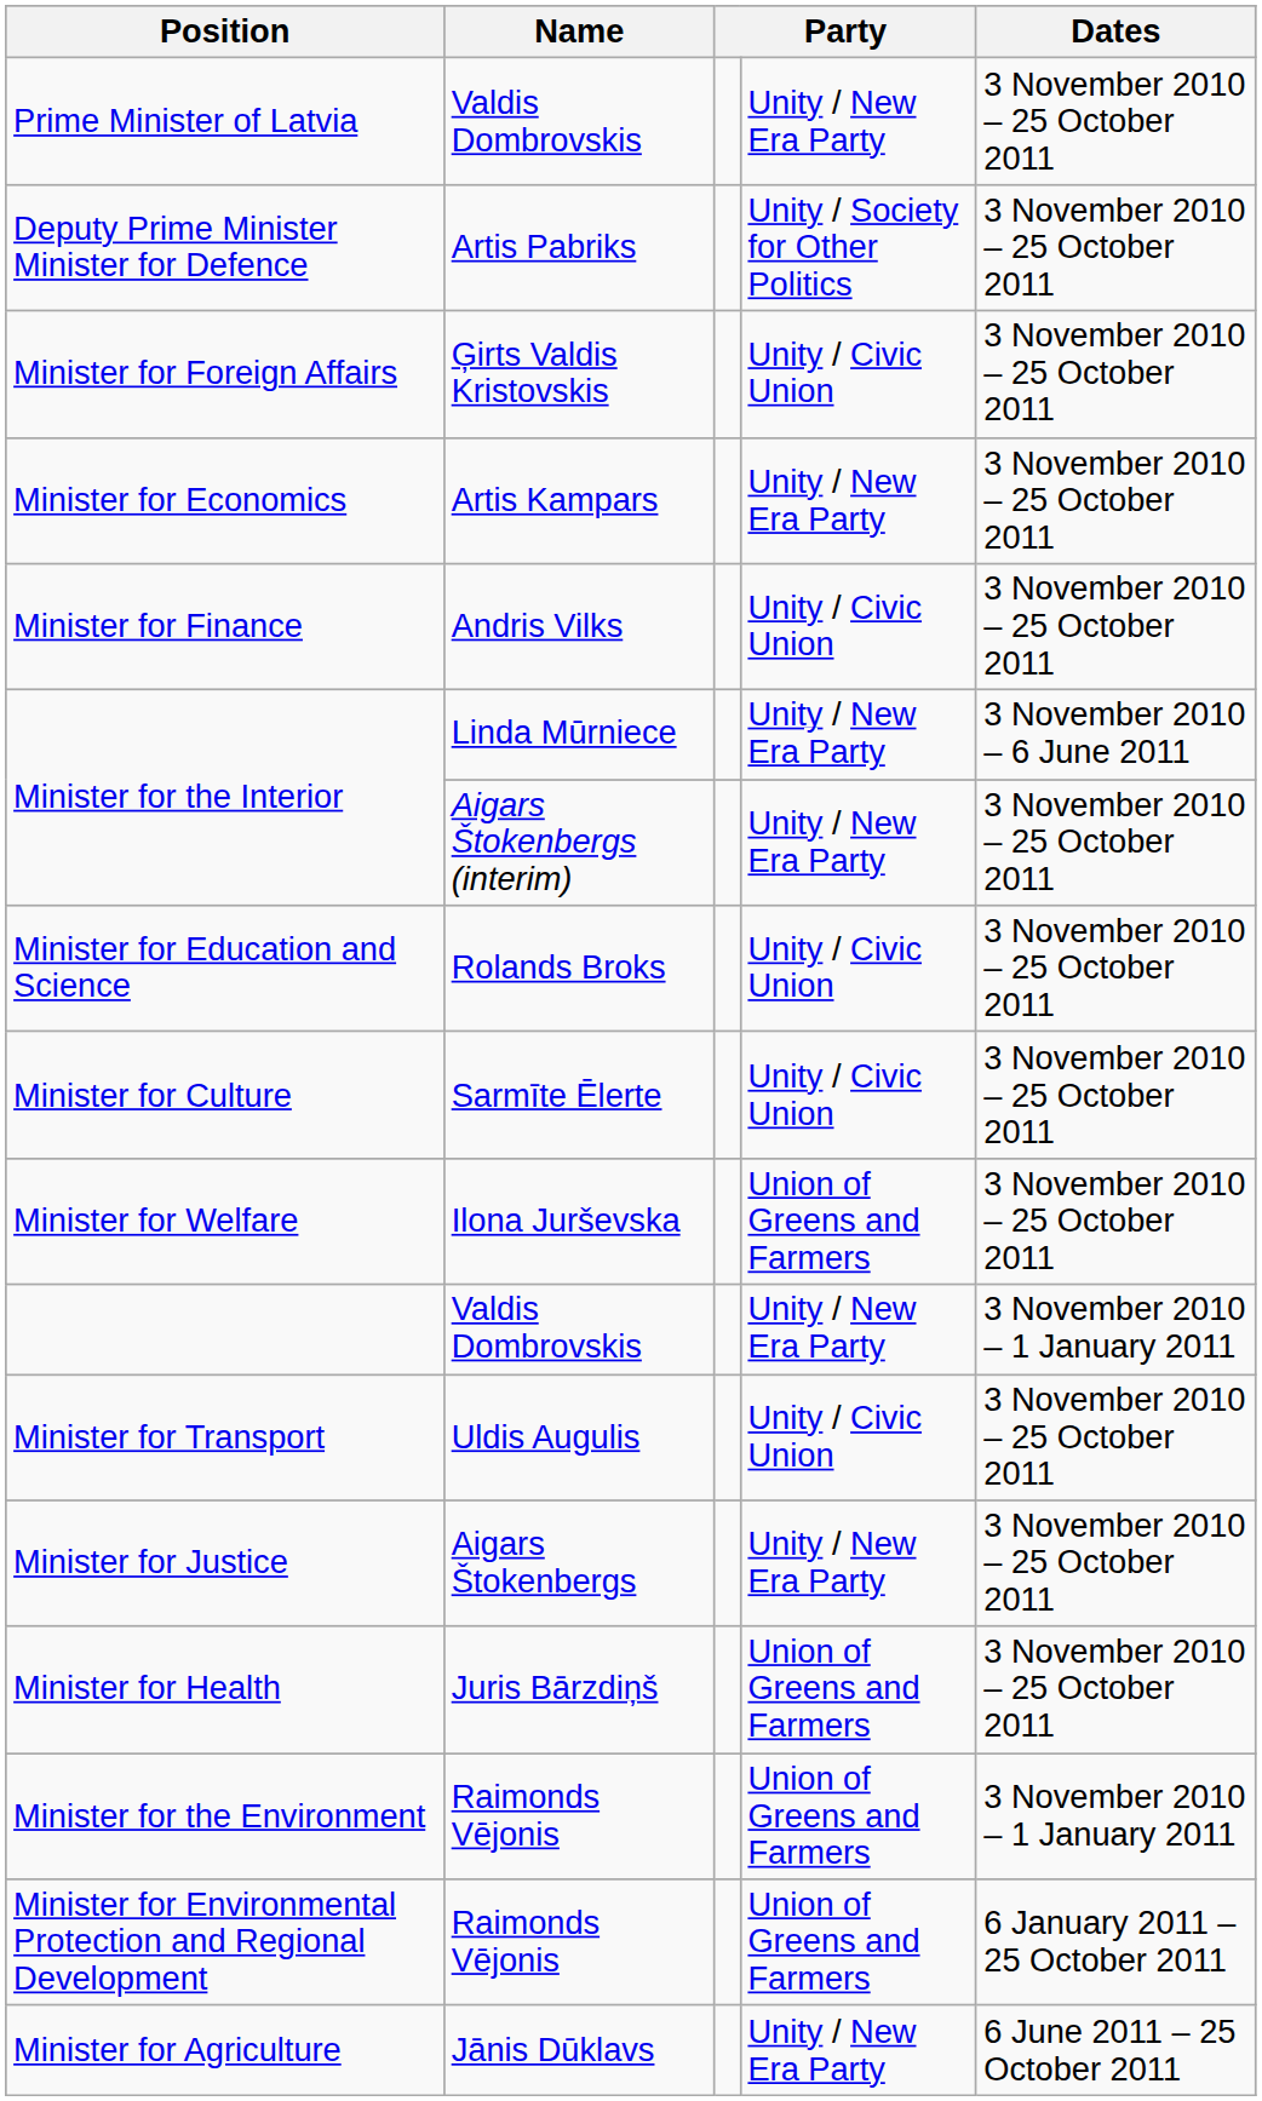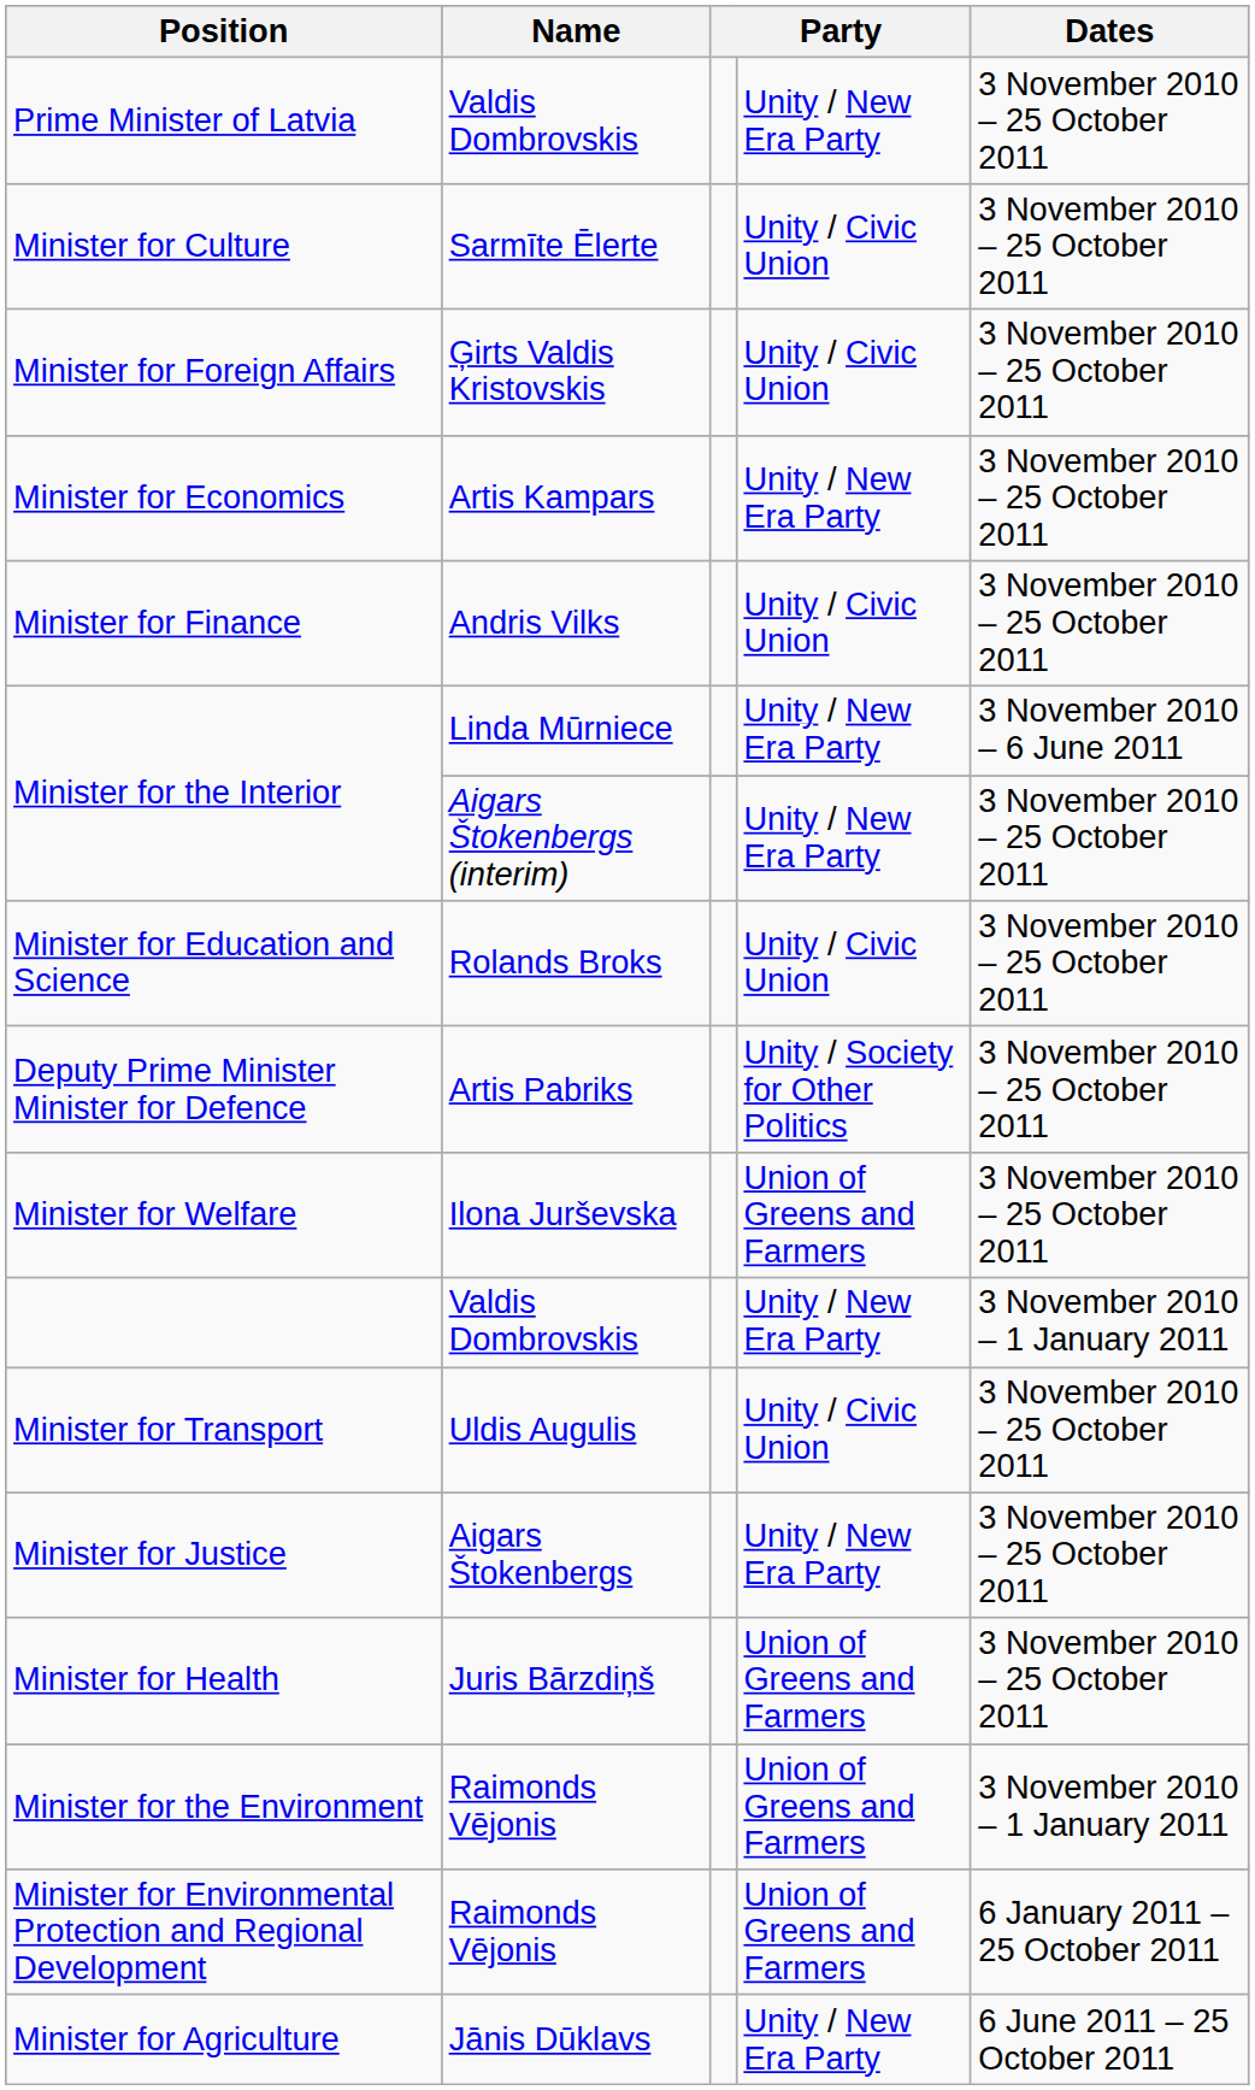 <table class="wikitable">
 <tr>
 <th>Position</th>
 <th>Name</th>
 <th colspan=2>Party</th>
 <th>Dates</th>
 </tr>
 <tr>
 <td><a href='#'>Prime Minister of Latvia</a></td>
 <td><a href='#'>Valdis Dombrovskis</a></td>
 <td width=5px style="background-color: "></td>
 <td><a href='#'>Unity</a> / <a href='#'>New Era Party</a></td>
 <td>3 November 2010 – 25 October 2011</td>
 </tr>
 <tr>
-<td><a href='#'>Deputy Prime Minister</a><br><a href='#'>Minister for Defence</a></td>
-<td><a href='#'>Artis Pabriks</a></td>
+<td><a href='#'>Minister for Culture</a></td>
+<td><a href='#'>Sarmīte Ēlerte</a></td>
 <td style="background-color: "></td>
-<td><a href='#'>Unity</a> / <a href='#'>Society for Other Politics</a></td>
+<td><a href='#'>Unity</a> / <a href='#'>Civic Union</a></td>
 <td>3 November 2010 – 25 October 2011</td>
 </tr>
 <tr>
 <td><a href='#'>Minister for Foreign Affairs</a></td>
 <td><a href='#'>Ģirts Valdis Kristovskis</a></td>
 <td style="background-color: "></td>
 <td><a href='#'>Unity</a> / <a href='#'>Civic Union</a></td>
 <td>3 November 2010 – 25 October 2011</td>
 </tr>
 <tr>
 <td><a href='#'>Minister for Economics</a></td>
 <td><a href='#'>Artis Kampars</a></td>
 <td style="background-color: "></td>
 <td><a href='#'>Unity</a> / <a href='#'>New Era Party</a></td>
 <td>3 November 2010 – 25 October 2011</td>
 </tr>
 <tr>
 <td><a href='#'>Minister for Finance</a></td>
 <td><a href='#'>Andris Vilks</a></td>
 <td style="background-color: "></td>
 <td><a href='#'>Unity</a> / <a href='#'>Civic Union</a></td>
 <td>3 November 2010 – 25 October 2011</td>
 </tr>
 <tr>
 <td rowspan=2><a href='#'>Minister for the Interior</a></td>
 <td><a href='#'>Linda Mūrniece</a></td>
 <td style="background-color: "></td>
 <td><a href='#'>Unity</a> / <a href='#'>New Era Party</a></td>
 <td>3 November 2010 – 6 June 2011</td>
 </tr>
 <tr>
 <td><em><a href='#'>Aigars Štokenbergs</a> (interim)</em></td>
 <td style="background-color: "></td>
 <td><a href='#'>Unity</a> / <a href='#'>New Era Party</a></td>
 <td>3 November 2010 – 25 October 2011</td>
 </tr>
 <tr>
 <td><a href='#'>Minister for Education and Science</a></td>
 <td><a href='#'>Rolands Broks</a></td>
 <td style="background-color: "></td>
 <td><a href='#'>Unity</a> / <a href='#'>Civic Union</a></td>
 <td>3 November 2010 – 25 October 2011</td>
 </tr>
 <tr>
-<td><a href='#'>Minister for Culture</a></td>
-<td><a href='#'>Sarmīte Ēlerte</a></td>
+<td><a href='#'>Deputy Prime Minister</a><br><a href='#'>Minister for Defence</a></td>
+<td><a href='#'>Artis Pabriks</a></td>
 <td style="background-color: "></td>
-<td><a href='#'>Unity</a> / <a href='#'>Civic Union</a></td>
+<td><a href='#'>Unity</a> / <a href='#'>Society for Other Politics</a></td>
 <td>3 November 2010 – 25 October 2011</td>
 </tr>
 <tr>
 <td><a href='#'>Minister for Welfare</a></td>
 <td><a href='#'>Ilona Jurševska</a></td>
 <td style="background-color: "></td>
 <td><a href='#'>Union of Greens and Farmers</a></td>
 <td>3 November 2010 – 25 October 2011</td>
 </tr>
 <tr>
 <td></td>
 <td><a href='#'>Valdis Dombrovskis</a></td>
 <td style="background-color: "></td>
 <td><a href='#'>Unity</a> / <a href='#'>New Era Party</a></td>
 <td>3 November 2010 – 1 January 2011</td>
 </tr>
 <tr>
 <td><a href='#'>Minister for Transport</a></td>
 <td><a href='#'>Uldis Augulis</a></td>
 <td style="background-color: "></td>
 <td><a href='#'>Unity</a> / <a href='#'>Civic Union</a></td>
 <td>3 November 2010 – 25 October 2011</td>
 </tr>
 <tr>
 <td><a href='#'>Minister for Justice</a></td>
 <td><a href='#'>Aigars Štokenbergs</a></td>
 <td style="background-color: "></td>
 <td><a href='#'>Unity</a> / <a href='#'>New Era Party</a></td>
 <td>3 November 2010 – 25 October 2011</td>
 </tr>
 <tr>
 <td><a href='#'>Minister for Health</a></td>
 <td><a href='#'>Juris Bārzdiņš</a></td>
 <td style="background-color: "></td>
 <td><a href='#'>Union of Greens and Farmers</a></td>
 <td>3 November 2010 – 25 October 2011</td>
 </tr>
 <tr>
 <td><a href='#'>Minister for the Environment</a></td>
 <td><a href='#'>Raimonds Vējonis</a></td>
 <td style="background-color: "></td>
 <td><a href='#'>Union of Greens and Farmers</a></td>
 <td>3 November 2010 – 1 January 2011</td>
 </tr>
 <tr>
 <td><a href='#'>Minister for Environmental Protection and Regional Development</a></td>
 <td><a href='#'>Raimonds Vējonis</a></td>
 <td style="background-color: "></td>
 <td><a href='#'>Union of Greens and Farmers</a></td>
 <td>6 January 2011 – 25 October 2011</td>
 </tr>
 <tr>
 <td><a href='#'>Minister for Agriculture</a></td>
 <td><a href='#'>Jānis Dūklavs</a></td>
 <td style="background-color: "></td>
 <td><a href='#'>Unity</a> / <a href='#'>New Era Party</a></td>
 <td>6 June 2011 – 25 October 2011</td>
 </tr>
 </table>
